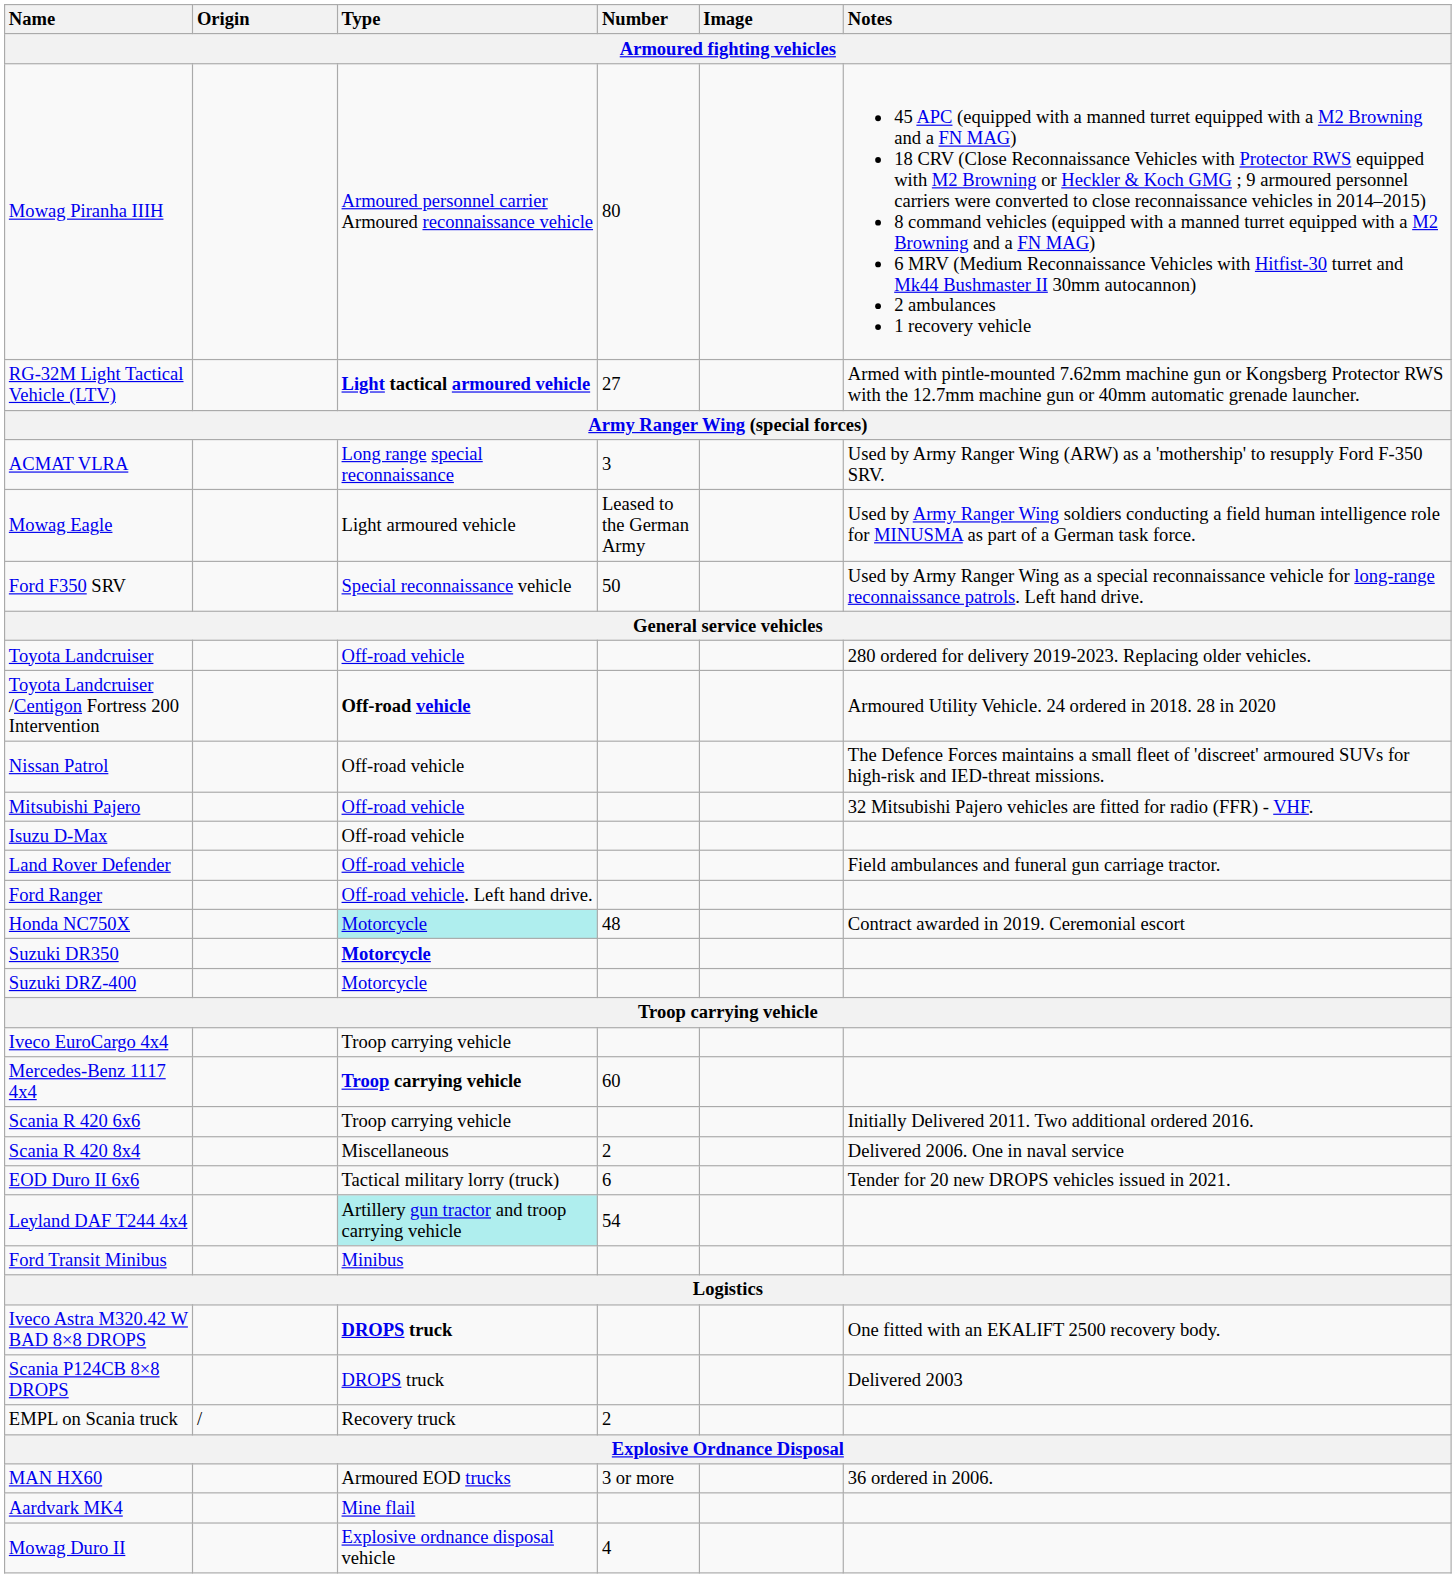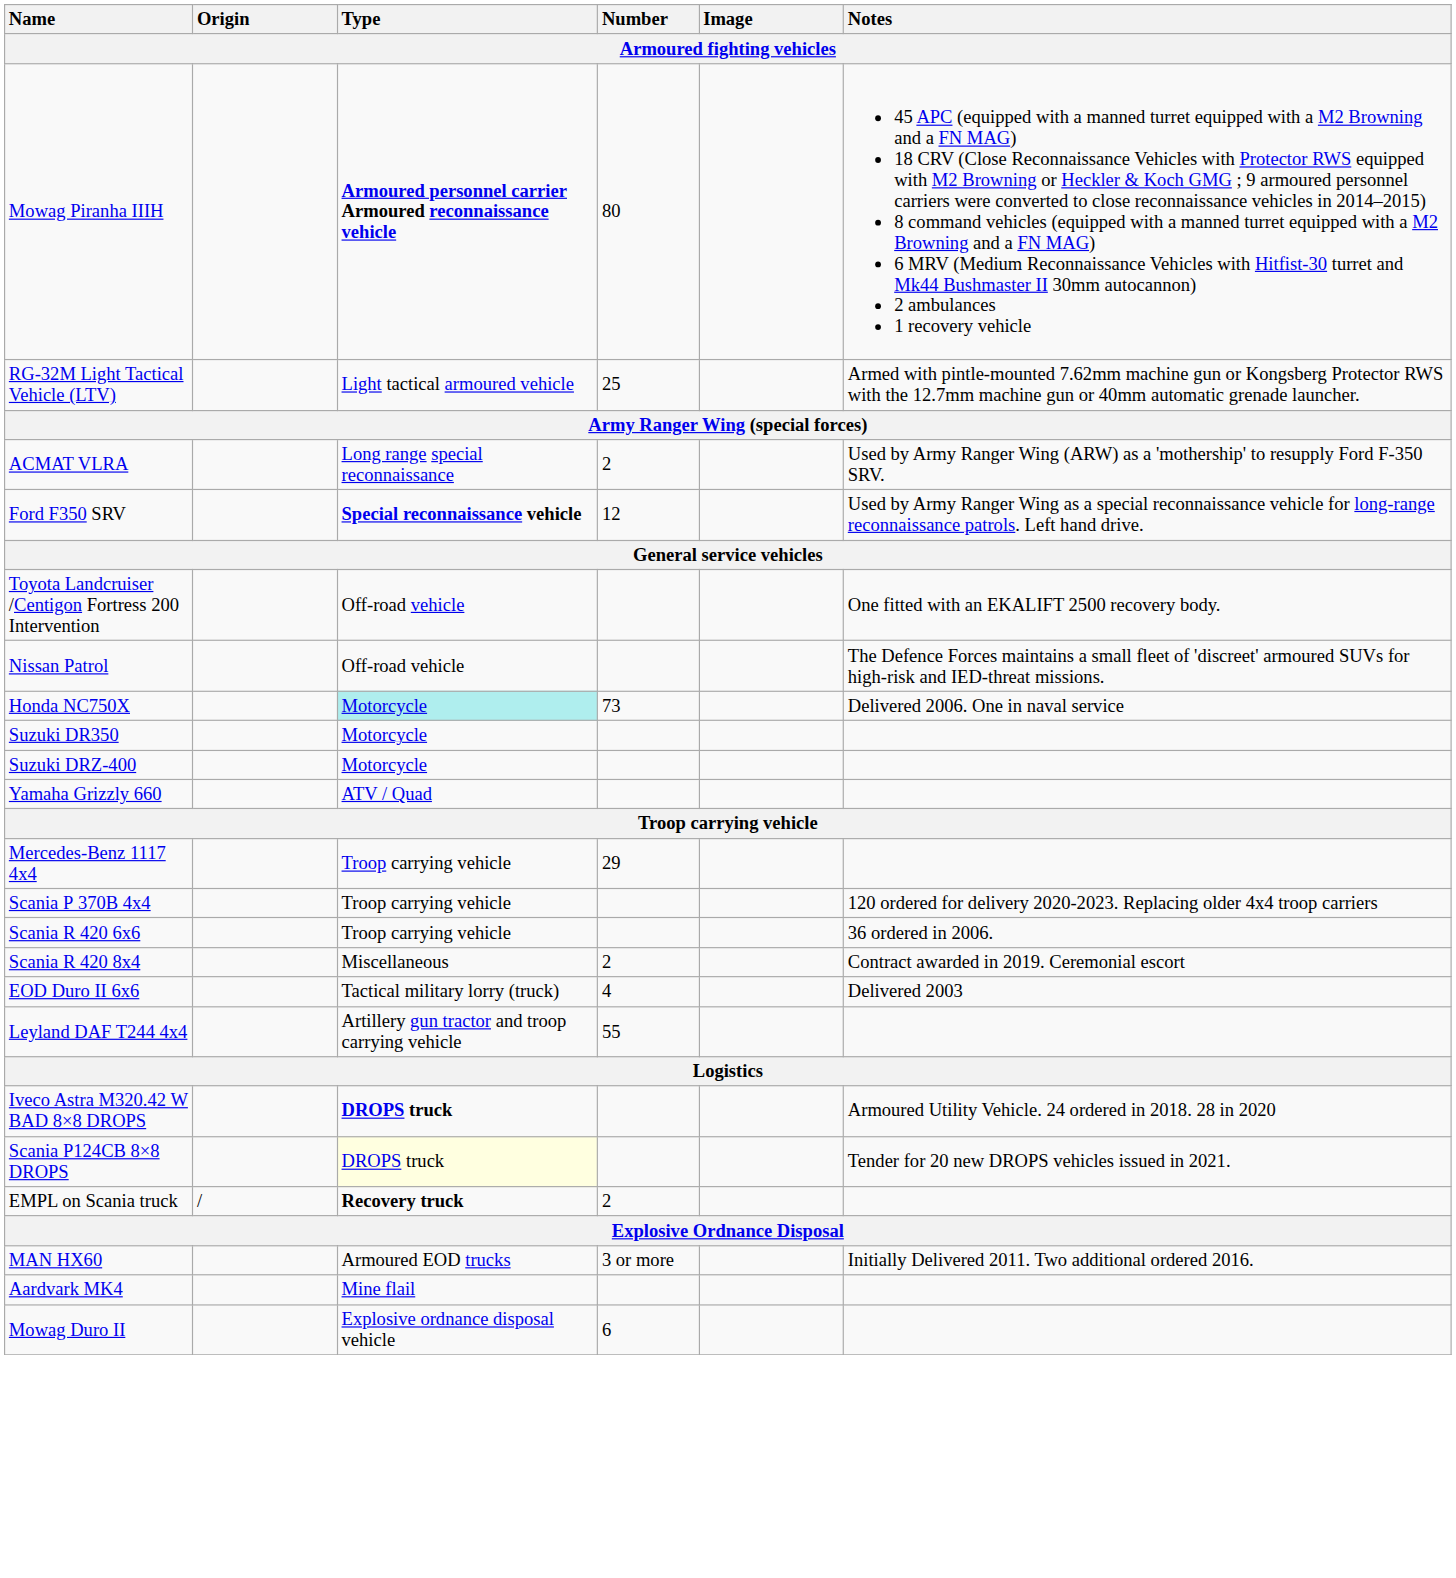 <table class="wikitable">
 <tr>
 <th style="text-align: left; width:13%;">Name</th>
 <th style="text-align: left; width:10%;">Origin</th>
 <th style="text-align: left; width:18%;">Type</th>
 <th style="text-align: left; width:7%;">Number</th>
 <th style="text-align: left; width:10%;">Image</th>
 <th style="text-align: left; width:42%;">Notes</th>
 </tr>
 <tr>
 <th colspan="6"><a href='#'>Armoured fighting vehicles</a></th>
 </tr>
 <tr>
 <td><a href='#'>Mowag Piranha IIIH</a></td>
 <td></td>
-<td><a href='#'>Armoured personnel carrier</a><br>Armoured <a href='#'>reconnaissance vehicle</a></td>
+<td><strong><a href='#'>Armoured personnel carrier</a><br>Armoured <a href='#'>reconnaissance vehicle</a></strong></td>
 <td>80</td>
 <td></td>
 <td><br><ul><li>45 <a href='#'>APC</a> (equipped with a manned turret equipped with a <a href='#'>M2 Browning</a> and a <a href='#'>FN MAG</a>)</li><li>18 CRV (Close Reconnaissance Vehicles with <a href='#'>Protector RWS</a> equipped with <a href='#'>M2 Browning</a> or <a href='#'>Heckler & Koch GMG</a> ; 9 armoured personnel carriers were converted to close reconnaissance vehicles in 2014–2015)</li><li>8 command vehicles (equipped with a manned turret equipped with a <a href='#'>M2 Browning</a> and a <a href='#'>FN MAG</a>)</li><li>6 MRV (Medium Reconnaissance Vehicles with <a href='#'>Hitfist-30</a> turret and <a href='#'>Mk44 Bushmaster II</a> 30mm autocannon)</li><li>2 ambulances</li><li>1 recovery vehicle</li></ul></td>
 </tr>
 <tr>
 <td><a href='#'>RG-32M Light Tactical Vehicle (LTV)</a></td>
 <td></td>
-<td><strong><a href='#'>Light</a> tactical <a href='#'>armoured vehicle</a></strong></td>
-<td>27</td>
+<td><a href='#'>Light</a> tactical <a href='#'>armoured vehicle</a></td>
+<td>25</td>
 <td></td>
 <td>Armed with pintle-mounted 7.62mm machine gun or Kongsberg Protector RWS with the 12.7mm machine gun or 40mm automatic grenade launcher.</td>
 </tr>
 <tr>
 <th colspan="6" style="align: center;"><a href='#'>Army Ranger Wing</a> (special forces)</th>
 </tr>
 <tr>
 <td><a href='#'>ACMAT VLRA</a></td>
 <td></td>
 <td><a href='#'>Long range</a> <a href='#'>special reconnaissance</a></td>
-<td>3</td>
+<td>2</td>
 <td></td>
 <td>Used by Army Ranger Wing (ARW) as a 'mothership' to resupply Ford F-350 SRV.</td>
 </tr>
 <tr>
-<td><a href='#'>Mowag Eagle</a></td>
-<td></td>
-<td>Light armoured vehicle</td>
-<td>Leased to the German Army</td>
-<td></td>
-<td>Used by <a href='#'>Army Ranger Wing</a> soldiers conducting a field human intelligence role for <a href='#'>MINUSMA</a> as part of a German task force.</td>
-</tr>
-<tr>
 <td><a href='#'>Ford F350</a> SRV</td>
 <td></td>
-<td><a href='#'>Special reconnaissance</a> vehicle</td>
-<td>50</td>
+<td><strong><a href='#'>Special reconnaissance</a> vehicle</strong></td>
+<td>12</td>
 <td></td>
 <td>Used by Army Ranger Wing as a special reconnaissance vehicle for <a href='#'>long-range reconnaissance patrols</a>. Left hand drive.</td>
 </tr>
 <tr>
 <th colspan="6" style="align: center;">General service vehicles</th>
 </tr>
 <tr>
-<td><a href='#'>Toyota Landcruiser</a></td>
+<td><a href='#'>Toyota Landcruiser</a> /<a href='#'>Centigon</a> Fortress 200 Intervention</td>
 <td></td>
-<td><a href='#'>Off-road vehicle</a></td>
+<td>Off-road <a href='#'>vehicle</a></td>
 <td></td>
 <td></td>
-<td>280 ordered for delivery 2019-2023.  Replacing older vehicles.</td>
-</tr>
-<tr>
-<td><a href='#'>Toyota Landcruiser</a> /<a href='#'>Centigon</a> Fortress 200 Intervention</td>
-<td></td>
-<td><strong>Off-road <a href='#'>vehicle</a></strong></td>
-<td></td>
-<td></td>
-<td>Armoured Utility Vehicle. 24 ordered in 2018. 28 in 2020</td>
+<td>One fitted with an EKALIFT 2500 recovery body.</td>
 </tr>
 <tr>
 <td><a href='#'>Nissan Patrol</a></td>
 <td></td>
 <td>Off-road vehicle</td>
 <td></td>
 <td></td>
 <td>The Defence Forces maintains a small fleet of 'discreet' armoured SUVs for high-risk and IED-threat missions.</td>
 </tr>
 <tr>
-<td><a href='#'>Mitsubishi Pajero</a></td>
-<td></td>
-<td><a href='#'>Off-road vehicle</a></td>
-<td></td>
-<td></td>
-<td>32 Mitsubishi Pajero vehicles are fitted for radio (FFR) - <a href='#'>VHF</a>.</td>
-</tr>
-<tr>
-<td><a href='#'>Isuzu D-Max</a></td>
-<td></td>
-<td>Off-road vehicle</td>
-<td></td>
-<td></td>
-<td></td>
-</tr>
-<tr>
-<td><a href='#'>Land Rover Defender</a></td>
-<td></td>
-<td><a href='#'>Off-road vehicle</a></td>
-<td></td>
-<td></td>
-<td>Field ambulances and funeral gun carriage tractor.</td>
-</tr>
-<tr>
-<td><a href='#'>Ford Ranger</a></td>
-<td></td>
-<td><a href='#'>Off-road vehicle</a>. Left hand drive.</td>
-<td></td>
-<td></td>
-<td></td>
-</tr>
-<tr>
 <td><a href='#'>Honda NC750X</a></td>
 <td></td>
 <td style="background: paleturquoise;"><a href='#'>Motorcycle</a></td>
-<td>48</td>
+<td>73</td>
 <td></td>
-<td>Contract awarded in 2019. Ceremonial escort</td>
+<td>Delivered 2006. One in naval service</td>
 </tr>
 <tr>
 <td><a href='#'>Suzuki DR350</a></td>
 <td></td>
-<td><strong><a href='#'>Motorcycle</a></strong></td>
+<td><a href='#'>Motorcycle</a></td>
 <td></td>
 <td></td>
 <td></td>
 </tr>
 <tr>
 <td><a href='#'>Suzuki DRZ-400</a></td>
 <td></td>
 <td><a href='#'>Motorcycle</a></td>
 <td></td>
 <td></td>
 <td></td>
 </tr>
 <tr>
-<th colspan="6" style="align: center;">Troop carrying vehicle</th>
-</tr>
-<tr>
-<td><a href='#'>Iveco EuroCargo 4x4</a></td>
+<td><a href='#'>Yamaha Grizzly 660</a></td>
 <td></td>
-<td>Troop carrying vehicle</td>
+<td><a href='#'>ATV / Quad</a></td>
 <td></td>
 <td></td>
 <td></td>
 </tr>
 <tr>
+<th colspan="6" style="align: center;">Troop carrying vehicle</th>
+</tr>
+<tr>
 <td><a href='#'>Mercedes-Benz 1117 4x4</a></td>
 <td></td>
-<td><strong><a href='#'>Troop</a> carrying vehicle</strong></td>
-<td>60</td>
+<td><a href='#'>Troop</a> carrying vehicle</td>
+<td>29</td>
 <td></td>
 <td></td>
+</tr>
+<tr>
+<td><a href='#'>Scania P 370B 4x4</a></td>
+<td></td>
+<td>Troop carrying vehicle</td>
+<td></td>
+<td></td>
+<td>120 ordered for delivery 2020-2023. Replacing older 4x4 troop carriers</td>
 </tr>
 <tr>
 <td><a href='#'>Scania R 420 6x6</a></td>
 <td></td>
 <td>Troop carrying vehicle</td>
 <td></td>
 <td></td>
-<td>Initially Delivered 2011. Two additional ordered 2016.</td>
+<td>36 ordered in 2006.</td>
 </tr>
 <tr>
 <td><a href='#'>Scania R 420 8x4</a></td>
 <td></td>
 <td>Miscellaneous</td>
 <td>2</td>
 <td></td>
-<td>Delivered 2006. One in naval service</td>
+<td>Contract awarded in 2019. Ceremonial escort</td>
 </tr>
 <tr>
 <td><a href='#'>EOD Duro II 6x6</a></td>
 <td></td>
 <td>Tactical military lorry (truck)</td>
-<td>6</td>
+<td>4</td>
 <td></td>
-<td>Tender for 20 new DROPS vehicles issued in 2021.</td>
+<td>Delivered 2003 </td>
 </tr>
 <tr>
 <td><a href='#'>Leyland DAF T244 4x4</a></td>
 <td></td>
-<td style="background: paleturquoise;">Artillery <a href='#'>gun tractor</a> and troop carrying vehicle</td>
-<td>54</td>
-<td></td>
-<td></td>
-</tr>
-<tr>
-<td><a href='#'>Ford Transit Minibus</a></td>
-<td></td>
-<td><a href='#'>Minibus</a></td>
-<td></td>
+<td>Artillery <a href='#'>gun tractor</a> and troop carrying vehicle</td>
+<td>55</td>
 <td></td>
 <td></td>
 </tr>
 <tr>
 <th colspan="6" style="align: center;">Logistics</th>
 </tr>
 <tr>
 <td><a href='#'>Iveco Astra M320.42 W BAD 8×8 DROPS</a></td>
 <td></td>
 <td><strong><a href='#'>DROPS</a> truck</strong></td>
 <td></td>
 <td></td>
-<td>One fitted with an EKALIFT 2500 recovery body.</td>
+<td>Armoured Utility Vehicle. 24 ordered in 2018. 28 in 2020</td>
 </tr>
 <tr>
 <td><a href='#'>Scania P124CB 8×8 DROPS</a></td>
 <td></td>
-<td><a href='#'>DROPS</a> truck</td>
+<td style="background: lightyellow;"><a href='#'>DROPS</a> truck</td>
 <td></td>
 <td></td>
-<td>Delivered 2003 </td>
+<td>Tender for 20 new DROPS vehicles issued in 2021.</td>
 </tr>
 <tr>
 <td>EMPL  on Scania truck</td>
 <td> / </td>
-<td>Recovery truck</td>
+<td><strong>Recovery truck</strong></td>
 <td>2</td>
 <td></td>
 <td></td>
 </tr>
 <tr>
 <th colspan="6" style="align: center;"><a href='#'>Explosive Ordnance Disposal</a></th>
 </tr>
 <tr>
 <td><a href='#'>MAN HX60</a></td>
 <td></td>
 <td>Armoured EOD <a href='#'>trucks</a></td>
 <td>3 or more</td>
 <td></td>
-<td>36 ordered in 2006.</td>
+<td>Initially Delivered 2011. Two additional ordered 2016.</td>
 </tr>
 <tr>
 <td><a href='#'>Aardvark MK4</a></td>
 <td></td>
 <td><a href='#'>Mine flail</a></td>
 <td></td>
 <td></td>
 <td></td>
 </tr>
 <tr>
 <td><a href='#'>Mowag Duro II</a></td>
 <td></td>
 <td><a href='#'>Explosive ordnance disposal</a> vehicle</td>
-<td>4</td>
+<td>6</td>
 <td></td>
 <td></td>
 </tr>
 </table>
